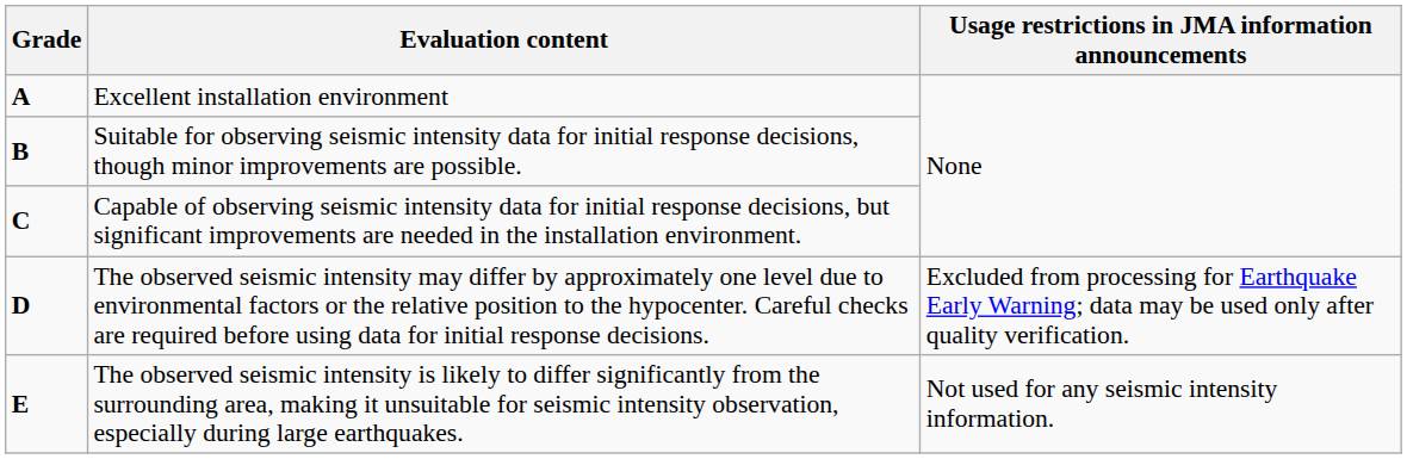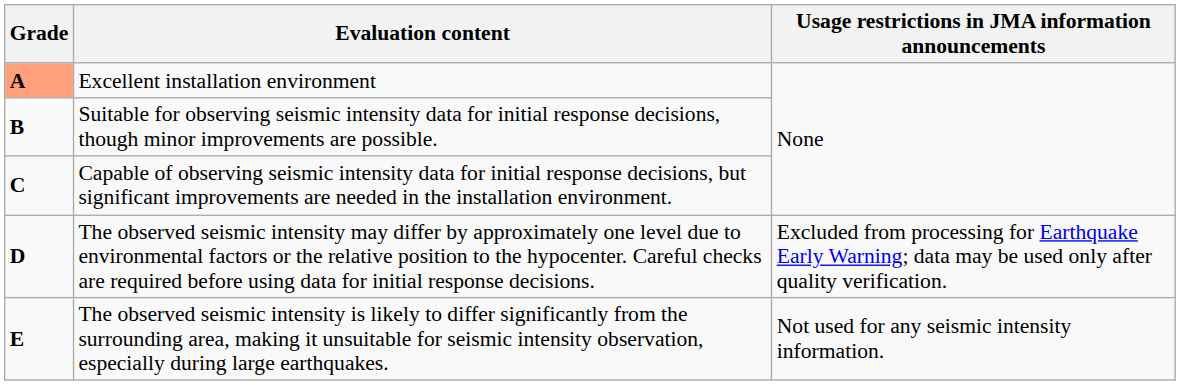 <table class="wikitable">
 <tr>
 <th>Grade</th>
 <th>Evaluation content</th>
 <th>Usage restrictions in JMA information announcements</th>
 </tr>
 <tr>
-<td><strong>A</strong></td>
+<td style="background: lightsalmon;"><strong>A</strong></td>
 <td>Excellent installation environment</td>
 <td rowspan="3">None</td>
 </tr>
 <tr>
 <td><strong>B</strong></td>
 <td>Suitable for observing seismic intensity data for initial response decisions, though minor improvements are possible.</td>
 </tr>
 <tr>
 <td><strong>C</strong></td>
 <td>Capable of observing seismic intensity data for initial response decisions, but significant improvements are needed in the installation environment.</td>
 </tr>
 <tr>
 <td><strong>D</strong></td>
 <td>The observed seismic intensity may differ by approximately one level due to environmental factors or the relative position to the hypocenter. Careful checks are required before using data for initial response decisions.</td>
 <td>Excluded from processing for <a href='#'>Earthquake Early Warning</a>; data may be used only after quality verification.</td>
 </tr>
 <tr>
 <td><strong>E</strong></td>
 <td>The observed seismic intensity is likely to differ significantly from the surrounding area, making it unsuitable for seismic intensity observation, especially during large earthquakes.</td>
 <td>Not used for any seismic intensity information.</td>
 </tr>
 </table>
